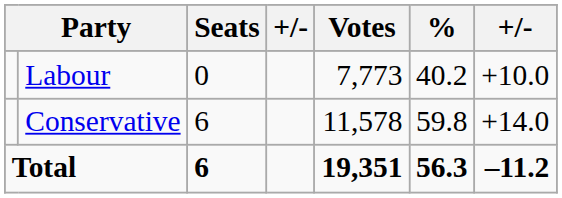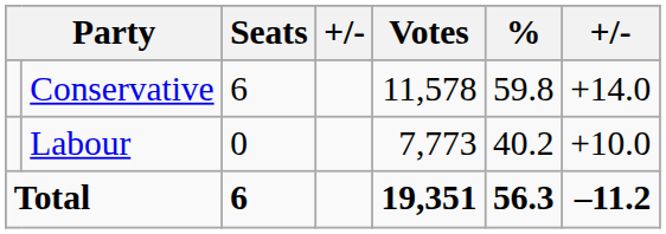 <table class="wikitable sortable">
 <tr>
 <th colspan="2">Party</th>
 <th>Seats</th>
 <th>+/-</th>
 <th>Votes</th>
 <th>%</th>
 <th>+/-</th>
 </tr>
 <tr>
 <td style="background-color: "></td>
+<td><a href='#'>Conservative</a></td>
+<td>6</td>
+<td></td>
+<td style="text-align:right;">11,578</td>
+<td style="text-align:right;">59.8</td>
+<td style="text-align:right;">+14.0</td>
+</tr>
+<tr>
+<td style="background-color: "></td>
 <td><a href='#'>Labour</a></td>
 <td>0</td>
 <td></td>
 <td style="text-align:right;">7,773</td>
 <td style="text-align:right;">40.2</td>
 <td style="text-align:right;">+10.0</td>
-</tr>
-<tr>
-<td style="background-color: "></td>
-<td><a href='#'>Conservative</a></td>
-<td>6</td>
-<td></td>
-<td style="text-align:right;">11,578</td>
-<td style="text-align:right;">59.8</td>
-<td style="text-align:right;">+14.0</td>
 </tr>
 <tr>
 <td colspan="2"><strong>Total</strong></td>
 <td><strong>6</strong></td>
 <td></td>
 <td style="text-align:right;"><strong>19,351</strong></td>
 <td style="text-align:right;"><strong>56.3</strong></td>
 <td style="text-align:right;"><strong>–11.2</strong></td>
 </tr>
 </table>
